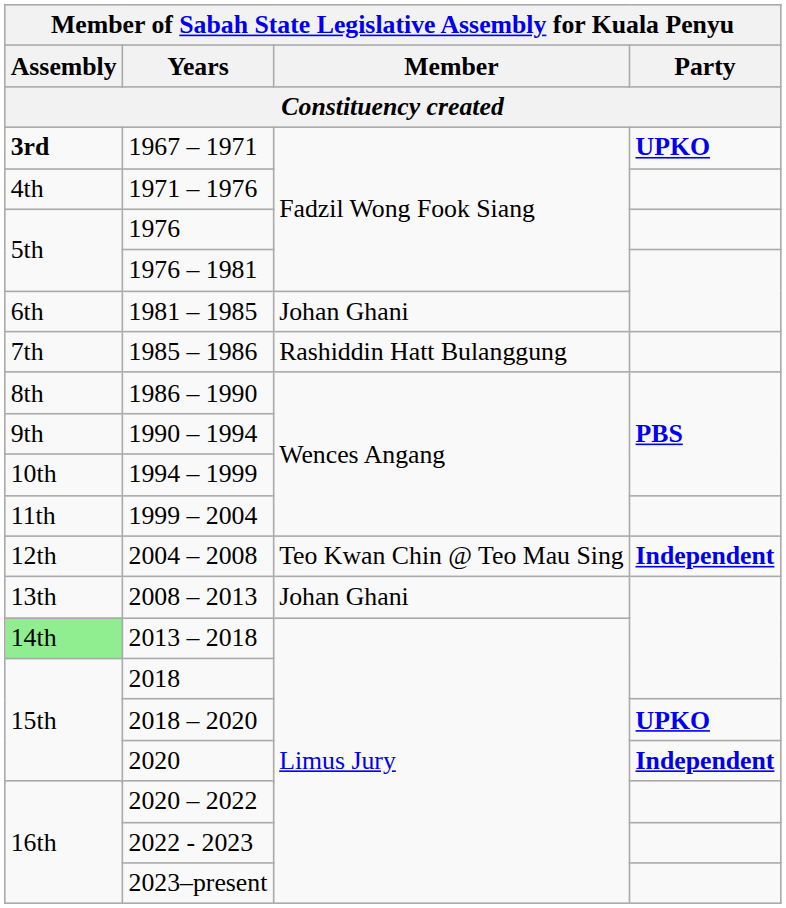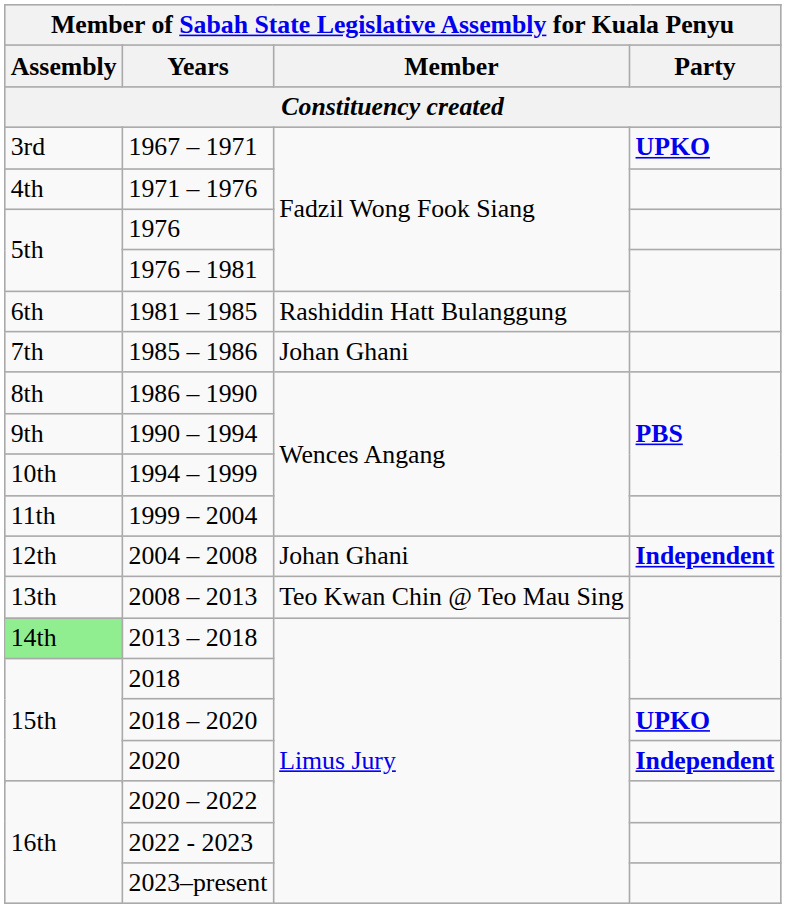 <table class="wikitable">
 <tr>
 <th colspan="4">Member of <a href='#'>Sabah State Legislative Assembly</a> for Kuala Penyu</th>
 </tr>
 <tr>
 <th>Assembly</th>
 <th>Years</th>
 <th>Member</th>
 <th>Party</th>
 </tr>
 <tr>
 <th colspan="4" align="center"><em>Constituency created</em></th>
 </tr>
 <tr>
-<td><strong>3rd</strong></td>
+<td>3rd</td>
 <td>1967 – 1971</td>
 <td rowspan="4">Fadzil Wong Fook Siang</td>
 <td><strong><a href='#'>UPKO</a></strong></td>
 </tr>
 <tr>
 <td>4th</td>
 <td>1971 – 1976</td>
 <td></td>
 </tr>
 <tr>
 <td rowspan="2">5th</td>
 <td>1976</td>
 <td></td>
 </tr>
 <tr>
 <td>1976 – 1981</td>
 <td rowspan="2"></td>
 </tr>
 <tr>
 <td>6th</td>
 <td>1981 – 1985</td>
-<td>Johan Ghani</td>
+<td>Rashiddin Hatt Bulanggung</td>
 </tr>
 <tr>
 <td>7th</td>
 <td>1985 – 1986</td>
-<td>Rashiddin Hatt Bulanggung</td>
+<td>Johan Ghani</td>
 <td></td>
 </tr>
 <tr>
 <td>8th</td>
 <td>1986 – 1990</td>
 <td rowspan="4">Wences Angang</td>
 <td rowspan="3"><strong><a href='#'>PBS</a></strong></td>
 </tr>
 <tr>
 <td>9th</td>
 <td>1990 – 1994</td>
 </tr>
 <tr>
 <td>10th</td>
 <td>1994 – 1999</td>
 </tr>
 <tr>
 <td>11th</td>
 <td>1999 – 2004</td>
 <td></td>
 </tr>
 <tr>
 <td>12th</td>
 <td>2004 – 2008</td>
-<td>Teo Kwan Chin @ Teo Mau Sing</td>
+<td>Johan Ghani</td>
 <td><strong><a href='#'>Independent</a></strong></td>
 </tr>
 <tr>
 <td>13th</td>
 <td>2008 – 2013</td>
-<td>Johan Ghani</td>
+<td>Teo Kwan Chin @ Teo Mau Sing</td>
 <td rowspan="3"></td>
 </tr>
 <tr>
 <td style="background: lightgreen;">14th</td>
 <td>2013 – 2018</td>
 <td rowspan="8"><a href='#'>Limus Jury</a></td>
 </tr>
 <tr>
 <td rowspan="4">15th</td>
 <td>2018</td>
 </tr>
 <tr>
 <td>2018 – 2020</td>
 <td><strong><a href='#'>UPKO</a></strong></td>
 </tr>
 <tr>
 <td rowspan="2">2020</td>
 <td><strong><a href='#'>Independent</a></strong></td>
 </tr>
 <tr>
 <td rowspan="2"></td>
 </tr>
 <tr>
 <td rowspan="3">16th</td>
 <td>2020 – 2022</td>
 </tr>
 <tr>
 <td>2022 - 2023</td>
 <td></td>
 </tr>
 <tr>
 <td>2023–present</td>
 <td></td>
 </tr>
 </table>
